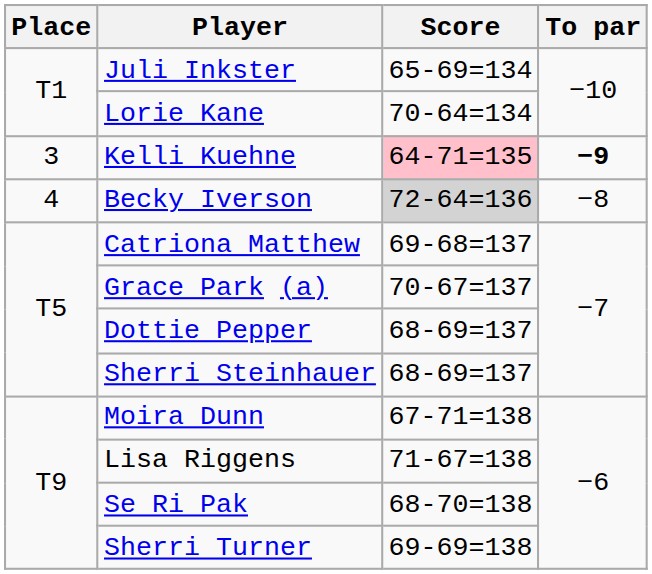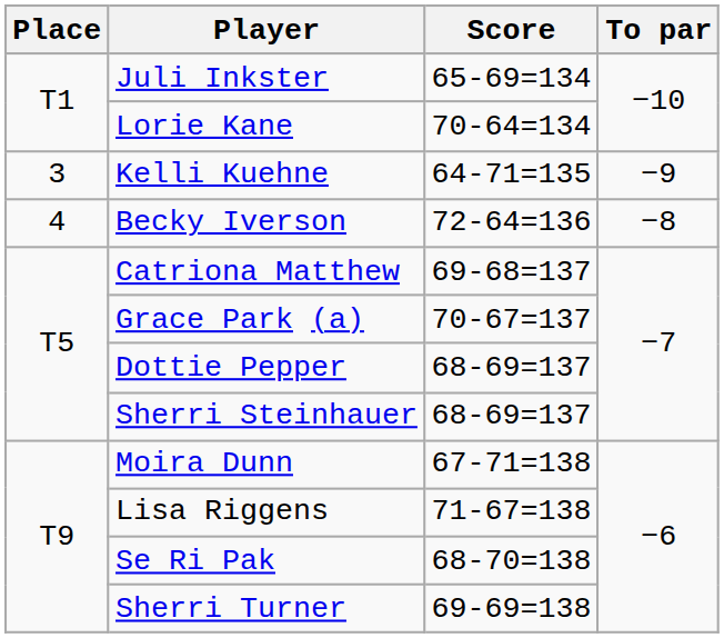 <table class="wikitable">
 <tr>
 <th>Place</th>
 <th>Player</th>
 <th>Score</th>
 <th>To par</th>
 </tr>
 <tr>
 <td rowspan=2 align=center>T1</td>
 <td> <a href='#'>Juli Inkster</a></td>
 <td>65-69=134</td>
 <td rowspan=2 align=center>−10</td>
 </tr>
 <tr>
 <td> <a href='#'>Lorie Kane</a></td>
 <td>70-64=134</td>
 </tr>
 <tr>
 <td align=center>3</td>
 <td> <a href='#'>Kelli Kuehne</a></td>
-<td style="background: pink;">64-71=135</td>
-<td align=center><strong>−9</strong></td>
+<td>64-71=135</td>
+<td align=center>−9</td>
 </tr>
 <tr>
 <td align=center>4</td>
 <td> <a href='#'>Becky Iverson</a></td>
-<td style="background: lightgrey;">72-64=136</td>
+<td>72-64=136</td>
 <td align=center>−8</td>
 </tr>
 <tr>
 <td rowspan=4 align=center>T5</td>
 <td> <a href='#'>Catriona Matthew</a></td>
 <td>69-68=137</td>
 <td rowspan=4 align=center>−7</td>
 </tr>
 <tr>
 <td> <a href='#'>Grace Park</a> <a href='#'>(a)</a></td>
 <td>70-67=137</td>
 </tr>
 <tr>
 <td> <a href='#'>Dottie Pepper</a></td>
 <td>68-69=137</td>
 </tr>
 <tr>
 <td> <a href='#'>Sherri Steinhauer</a></td>
 <td>68-69=137</td>
 </tr>
 <tr>
 <td rowspan=4 align=center>T9</td>
 <td> <a href='#'>Moira Dunn</a></td>
 <td>67-71=138</td>
 <td rowspan=4 align=center>−6</td>
 </tr>
 <tr>
 <td> Lisa Riggens</td>
 <td>71-67=138</td>
 </tr>
 <tr>
 <td> <a href='#'>Se Ri Pak</a></td>
 <td>68-70=138</td>
 </tr>
 <tr>
 <td> <a href='#'>Sherri Turner</a></td>
 <td>69-69=138</td>
 </tr>
 </table>
